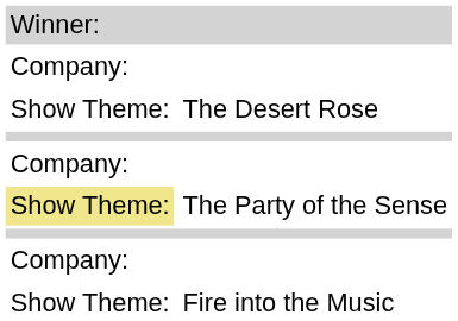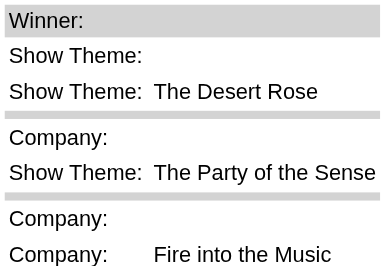 <table border="0" cellpadding="3">
 <tr>
 <td colspan="2" style="background:lightgrey;">Winner: </td>
 </tr>
 <tr>
-<td>Company:</td>
+<td>Show Theme:</td>
 <td></td>
 </tr>
 <tr>
 <td>Show Theme:</td>
 <td>The Desert Rose</td>
 </tr>
 <tr>
 <td colspan="2" style="background:lightgrey;"></td>
 </tr>
 <tr>
 <td>Company:</td>
 <td></td>
 </tr>
 <tr>
-<td style="background: khaki;">Show Theme:</td>
+<td>Show Theme:</td>
 <td>The Party of the Sense</td>
 </tr>
 <tr>
 <td colspan="2" style="background:lightgrey;"></td>
 </tr>
 <tr>
 <td>Company:</td>
 <td></td>
 </tr>
 <tr>
-<td>Show Theme:</td>
+<td>Company:</td>
 <td>Fire into the Music</td>
 </tr>
 </table>
